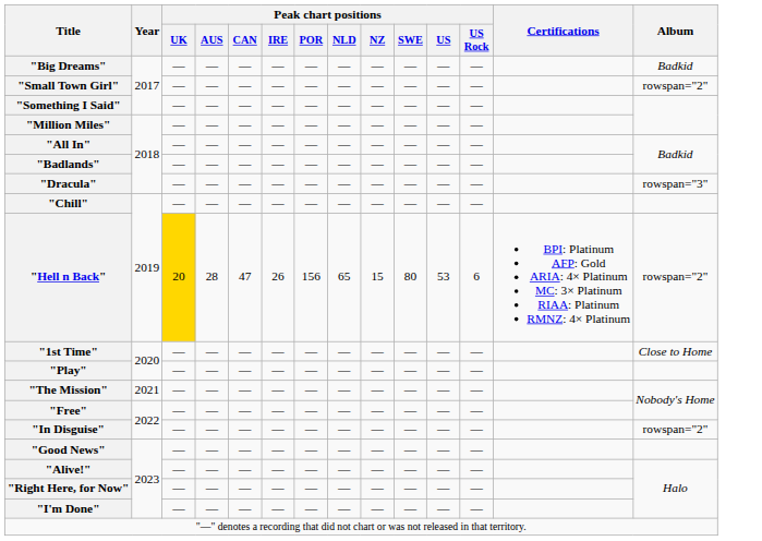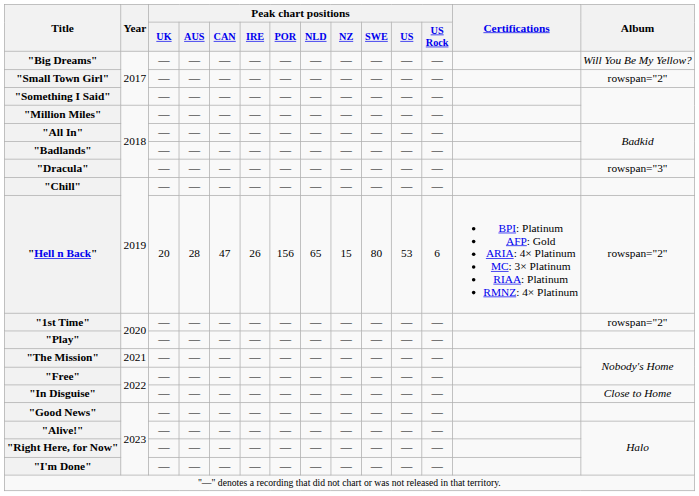 <table class="wikitable plainrowheaders" style="text-align:center">
 <tr>
 <th scope="col" rowspan="2">Title</th>
 <th scope="col" rowspan="2">Year</th>
 <th scope="col" colspan="10">Peak chart positions</th>
 <th scope="col" rowspan="2"><a href='#'>Certifications</a></th>
 <th scope="col" rowspan="2">Album</th>
 </tr>
 <tr>
 <th scope="col" style="width:2.5em;font-size:90%;"><a href='#'>UK</a><br></th>
 <th scope="col" style="width:2.5em;font-size:90%;"><a href='#'>AUS</a><br></th>
 <th scope="col" style="width:2.5em;font-size:90%;"><a href='#'>CAN</a><br></th>
 <th scope="col" style="width:2.5em;font-size:90%;"><a href='#'>IRE</a><br></th>
 <th scope="col" style="width:2.5em;font-size:90%;"><a href='#'>POR</a><br></th>
 <th scope="col" style="width:2.5em;font-size:90%;"><a href='#'>NLD</a><br></th>
 <th scope="col" style="width:2.5em;font-size:90%;"><a href='#'>NZ</a><br></th>
 <th scope="col" style="width:2.5em;font-size:90%;"><a href='#'>SWE</a><br></th>
 <th scope="col" style="width:2.5em;font-size:90%;"><a href='#'>US</a><br></th>
 <th scope="col" style="width:2.5em;font-size:90%;"><a href='#'>US<br>Rock</a><br></th>
 </tr>
 <tr>
 <th scope="row">"Big Dreams"</th>
 <td rowspan="3">2017</td>
 <td>—</td>
 <td>—</td>
 <td>—</td>
 <td>—</td>
 <td>—</td>
 <td>—</td>
 <td>—</td>
 <td>—</td>
 <td>—</td>
 <td>—</td>
 <td></td>
-<td><em>Badkid</em></td>
+<td><em>Will You Be My Yellow?</em></td>
 </tr>
 <tr>
 <th scope="row">"Small Town Girl"</th>
 <td>—</td>
 <td>—</td>
 <td>—</td>
 <td>—</td>
 <td>—</td>
 <td>—</td>
 <td>—</td>
 <td>—</td>
 <td>—</td>
 <td>—</td>
 <td></td>
 <td>rowspan="2" </td>
 </tr>
 <tr>
 <th scope="row">"Something I Said"</th>
 <td>—</td>
 <td>—</td>
 <td>—</td>
 <td>—</td>
 <td>—</td>
 <td>—</td>
 <td>—</td>
 <td>—</td>
 <td>—</td>
 <td>—</td>
 <td></td>
 </tr>
 <tr>
 <th scope="row">"Million Miles"</th>
 <td rowspan="4">2018</td>
 <td>—</td>
 <td>—</td>
 <td>—</td>
 <td>—</td>
 <td>—</td>
 <td>—</td>
 <td>—</td>
 <td>—</td>
 <td>—</td>
 <td>—</td>
 <td></td>
 </tr>
 <tr>
 <th scope="row">"All In"</th>
 <td>—</td>
 <td>—</td>
 <td>—</td>
 <td>—</td>
 <td>—</td>
 <td>—</td>
 <td>—</td>
 <td>—</td>
 <td>—</td>
 <td>—</td>
 <td></td>
 <td rowspan="2"><em>Badkid</em></td>
 </tr>
 <tr>
 <th scope="row">"Badlands"</th>
 <td>—</td>
 <td>—</td>
 <td>—</td>
 <td>—</td>
 <td>—</td>
 <td>—</td>
 <td>—</td>
 <td>—</td>
 <td>—</td>
 <td>—</td>
 <td></td>
 </tr>
 <tr>
 <th scope="row">"Dracula"</th>
 <td>—</td>
 <td>—</td>
 <td>—</td>
 <td>—</td>
 <td>—</td>
 <td>—</td>
 <td>—</td>
 <td>—</td>
 <td>—</td>
 <td>—</td>
 <td></td>
 <td>rowspan="3" </td>
 </tr>
 <tr>
 <th scope="row">"Chill"</th>
 <td rowspan="2">2019</td>
 <td>—</td>
 <td>—</td>
 <td>—</td>
 <td>—</td>
 <td>—</td>
 <td>—</td>
 <td>—</td>
 <td>—</td>
 <td>—</td>
 <td>—</td>
 <td></td>
 </tr>
 <tr>
 <th scope="row">"<a href='#'>Hell n Back</a>"<br></th>
-<td style="background: gold;">20</td>
+<td>20</td>
 <td>28</td>
 <td>47</td>
 <td>26<br></td>
 <td>156</td>
 <td>65</td>
 <td>15</td>
 <td>80</td>
 <td>53</td>
 <td>6</td>
 <td><br><ul><li><a href='#'>BPI</a>: Platinum</li><li><a href='#'>AFP</a>: Gold</li><li><a href='#'>ARIA</a>: 4× Platinum</li><li><a href='#'>MC</a>: 3× Platinum</li><li><a href='#'>RIAA</a>: Platinum</li><li><a href='#'>RMNZ</a>: 4× Platinum</li></ul></td>
 <td>rowspan="2" </td>
 </tr>
 <tr>
 <th scope="row">"1st Time"</th>
 <td rowspan="2">2020</td>
 <td>—</td>
 <td>—</td>
 <td>—</td>
 <td>—</td>
 <td>—</td>
 <td>—</td>
 <td>—</td>
 <td>—</td>
 <td>—</td>
 <td>—</td>
 <td></td>
-<td><em>Close to Home</em></td>
+<td>rowspan="2" </td>
 </tr>
 <tr>
 <th scope="row">"Play"<br></th>
 <td>—</td>
 <td>—</td>
 <td>—</td>
 <td>—</td>
 <td>—</td>
 <td>—</td>
 <td>—</td>
 <td>—</td>
 <td>—</td>
 <td>—</td>
 <td></td>
 </tr>
 <tr>
 <th scope="row">"The Mission"</th>
 <td>2021</td>
 <td>—</td>
 <td>—</td>
 <td>—</td>
 <td>—</td>
 <td>—</td>
 <td>—</td>
 <td>—</td>
 <td>—</td>
 <td>—</td>
 <td>—</td>
 <td></td>
 <td rowspan="2"><em>Nobody's Home</em></td>
 </tr>
 <tr>
 <th scope="row">"Free"</th>
 <td rowspan="2">2022</td>
 <td>—</td>
 <td>—</td>
 <td>—</td>
 <td>—</td>
 <td>—</td>
 <td>—</td>
 <td>—</td>
 <td>—</td>
 <td>—</td>
 <td>—</td>
 <td></td>
 </tr>
 <tr>
 <th scope="row">"In Disguise"<br></th>
 <td>—</td>
 <td>—</td>
 <td>—</td>
 <td>—</td>
 <td>—</td>
 <td>—</td>
 <td>—</td>
 <td>—</td>
 <td>—</td>
 <td>—</td>
 <td></td>
-<td>rowspan="2" </td>
+<td><em>Close to Home</em></td>
 </tr>
 <tr>
 <th scope="row">"Good News"</th>
 <td rowspan="4">2023</td>
 <td>—</td>
 <td>—</td>
 <td>—</td>
 <td>—</td>
 <td>—</td>
 <td>—</td>
 <td>—</td>
 <td>—</td>
 <td>—</td>
 <td>—</td>
 <td></td>
 <td></td>
 </tr>
 <tr>
 <th scope="row">"Alive!"</th>
 <td>—</td>
 <td>—</td>
 <td>—</td>
 <td>—</td>
 <td>—</td>
 <td>—</td>
 <td>—</td>
 <td>—</td>
 <td>—</td>
 <td>—</td>
 <td></td>
 <td rowspan="3"><em>Halo</em></td>
 </tr>
 <tr>
 <th scope="row">"Right Here, for Now"</th>
 <td>—</td>
 <td>—</td>
 <td>—</td>
 <td>—</td>
 <td>—</td>
 <td>—</td>
 <td>—</td>
 <td>—</td>
 <td>—</td>
 <td>—</td>
 <td></td>
 </tr>
 <tr>
 <th scope="row">"I'm Done"</th>
 <td>—</td>
 <td>—</td>
 <td>—</td>
 <td>—</td>
 <td>—</td>
 <td>—</td>
 <td>—</td>
 <td>—</td>
 <td>—</td>
 <td>—</td>
 <td></td>
 </tr>
 <tr>
 <td colspan="14" style="font-size:85%">"—" denotes a recording that did not chart or was not released in that territory.</td>
 </tr>
 </table>
